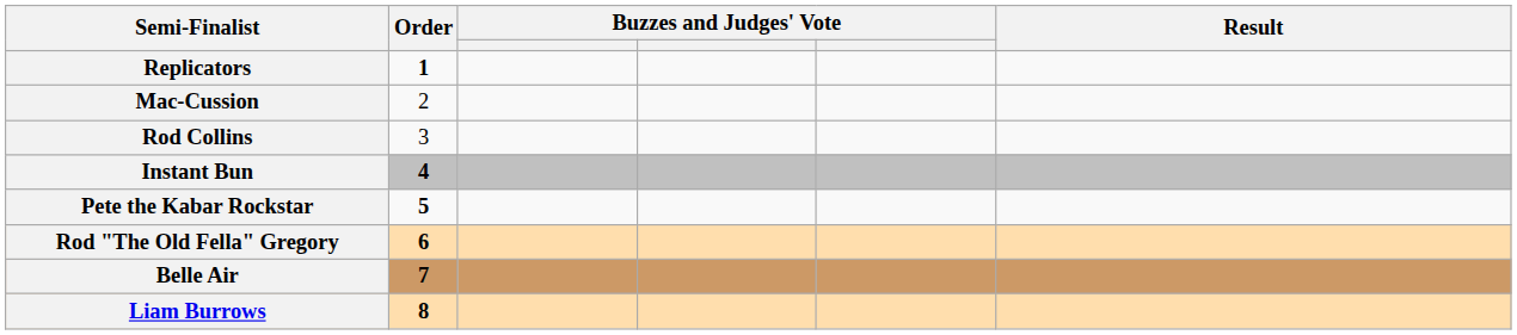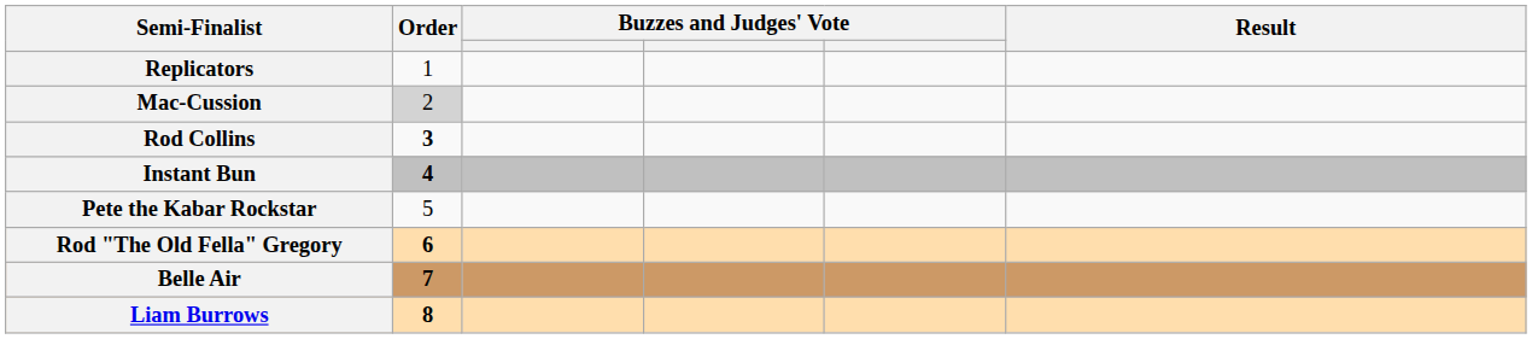 <table class="wikitable plainrowheaders sortable" style="text-align:center;">
 <tr>
 <th scope="col" rowspan=2 class="unsortable" style="width:17em;">Semi-Finalist</th>
 <th scope="col" rowspan=2 style="width:1em;">Order</th>
 <th scope="col" colspan=3 class="unsortable" style="width:24em;">Buzzes and Judges' Vote</th>
 <th scope="col" rowspan=2 style="width:23em;">Result</th>
 </tr>
 <tr>
 <th scope="col" class="unsortable" style="width:6em;"></th>
 <th scope="col" class="unsortable" style="width:6em;"></th>
 <th scope="col" class="unsortable" style="width:6em;"></th>
 </tr>
 <tr>
 <th scope="row">Replicators</th>
-<td><strong>1</strong></td>
+<td>1</td>
 <td style="text-align:center;"></td>
 <td style="text-align:center;"></td>
 <td style="text-align:center;"></td>
 <td></td>
 </tr>
 <tr>
 <th scope="row">Mac-Cussion</th>
-<td>2</td>
+<td style="background: lightgrey;">2</td>
 <td style="text-align:center;"></td>
 <td style="text-align:center;"></td>
 <td style="text-align:center;"></td>
 <td></td>
 </tr>
 <tr>
 <th scope="row">Rod Collins</th>
-<td>3</td>
+<td><strong>3</strong></td>
 <td style="text-align:center;"></td>
 <td style="text-align:center;"></td>
 <td style="text-align:center;"></td>
 <td></td>
 </tr>
 <tr bgcolor=silver>
 <th scope="row"><strong>Instant Bun</strong></th>
 <td><strong>4</strong></td>
 <td style="text-align:center;"></td>
 <td style="text-align:center;"></td>
 <td style="text-align:center;"></td>
 <td><strong></strong></td>
 </tr>
 <tr>
 <th scope="row">Pete the Kabar Rockstar</th>
-<td><strong>5</strong></td>
+<td>5</td>
 <td style="text-align:center;"></td>
 <td style="text-align:center;"></td>
 <td style="text-align:center;"></td>
 <td></td>
 </tr>
 <tr bgcolor=navajowhite>
 <th scope="row"><strong>Rod "The Old Fella" Gregory</strong></th>
 <td><strong>6</strong></td>
 <td style="text-align:center;"></td>
 <td style="text-align:center;"></td>
 <td style="text-align:center;"></td>
 <td><strong></strong></td>
 </tr>
 <tr bgcolor=#c96>
 <th scope="row"><strong>Belle Air</strong></th>
 <td><strong>7</strong></td>
 <td style="text-align:center;"></td>
 <td style="text-align:center;"></td>
 <td style="text-align:center;"></td>
 <td><strong></strong></td>
 </tr>
 <tr bgcolor=navajowhite>
 <th scope="row"><strong><a href='#'>Liam Burrows</a></strong></th>
 <td><strong>8</strong></td>
 <td style="text-align:center;"></td>
 <td style="text-align:center;"></td>
 <td style="text-align:center;"></td>
 <td><strong></strong></td>
 </tr>
 </table>
